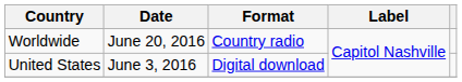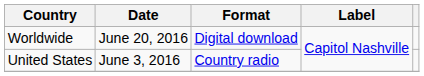 <table class="wikitable">
 <tr>
 <th>Country</th>
 <th>Date</th>
 <th>Format</th>
 <th>Label</th>
 <th></th>
 </tr>
 <tr>
 <td>Worldwide</td>
 <td>June 20, 2016</td>
-<td><a href='#'>Country radio</a></td>
+<td><a href='#'>Digital download</a></td>
 <td rowspan="2"><a href='#'>Capitol Nashville</a></td>
 <td></td>
 </tr>
 <tr>
 <td>United States</td>
 <td>June 3, 2016</td>
-<td><a href='#'>Digital download</a></td>
+<td><a href='#'>Country radio</a></td>
 <td></td>
 </tr>
 <tr>
 </tr>
 </table>
